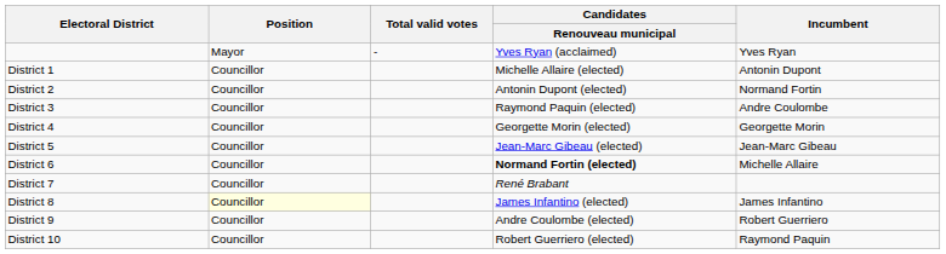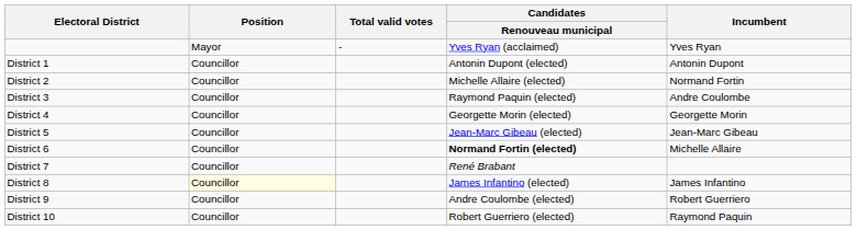 <table class="wikitable" width="100%">
 <tr>
 <th width=10% rowspan=2>Electoral District</th>
 <th width=8% rowspan=2>Position</th>
 <th width=6% rowspan=2>Total valid votes</th>
 <th colspan=1>Candidates</th>
 <th width=10% rowspan=2>Incumbent</th>
 </tr>
 <tr>
 <th width=12% >Renouveau municipal</th>
 </tr>
 <tr>
 <td></td>
 <td>Mayor</td>
 <td>-</td>
 <td><a href='#'>Yves Ryan</a> (acclaimed)</td>
 <td>Yves Ryan</td>
 </tr>
 <tr>
 <td>District 1</td>
 <td>Councillor</td>
 <td></td>
-<td>Michelle Allaire (elected)</td>
+<td>Antonin Dupont (elected)</td>
 <td>Antonin Dupont</td>
 </tr>
 <tr>
 <td>District 2</td>
 <td>Councillor</td>
 <td></td>
-<td>Antonin Dupont (elected)</td>
+<td>Michelle Allaire (elected)</td>
 <td>Normand Fortin</td>
 </tr>
 <tr>
 <td>District 3</td>
 <td>Councillor</td>
 <td></td>
 <td>Raymond Paquin (elected)</td>
 <td>Andre Coulombe</td>
 </tr>
 <tr>
 <td>District 4</td>
 <td>Councillor</td>
 <td></td>
 <td>Georgette Morin (elected)</td>
 <td>Georgette Morin</td>
 </tr>
 <tr>
 <td>District 5</td>
 <td>Councillor</td>
 <td></td>
 <td><a href='#'>Jean-Marc Gibeau</a> (elected)</td>
 <td>Jean-Marc Gibeau</td>
 </tr>
 <tr>
 <td>District 6</td>
 <td>Councillor</td>
 <td></td>
 <td><strong>Normand Fortin (elected)</strong></td>
 <td>Michelle Allaire</td>
 </tr>
 <tr>
 <td>District 7</td>
 <td>Councillor</td>
 <td></td>
 <td><em>René Brabant</em></td>
 <td></td>
 </tr>
 <tr>
 <td>District 8</td>
 <td style="background: lightyellow;">Councillor</td>
 <td></td>
 <td><a href='#'>James Infantino</a> (elected)</td>
 <td>James Infantino</td>
 </tr>
 <tr>
 <td>District 9</td>
 <td>Councillor</td>
 <td></td>
 <td>Andre Coulombe (elected)</td>
 <td>Robert Guerriero</td>
 </tr>
 <tr>
 <td>District 10</td>
 <td>Councillor</td>
 <td></td>
 <td>Robert Guerriero (elected)</td>
 <td>Raymond Paquin</td>
 </tr>
 </table>
